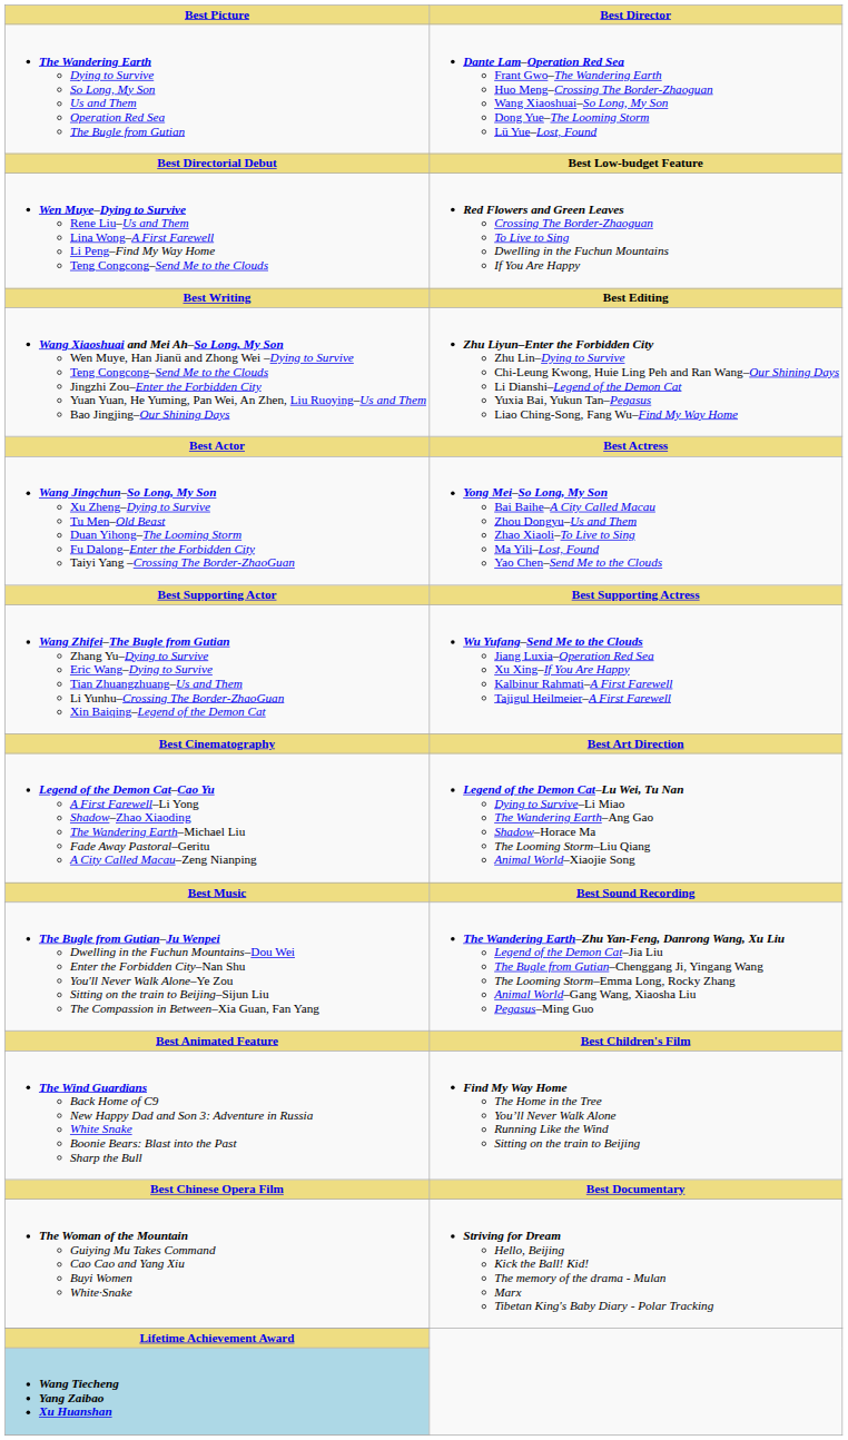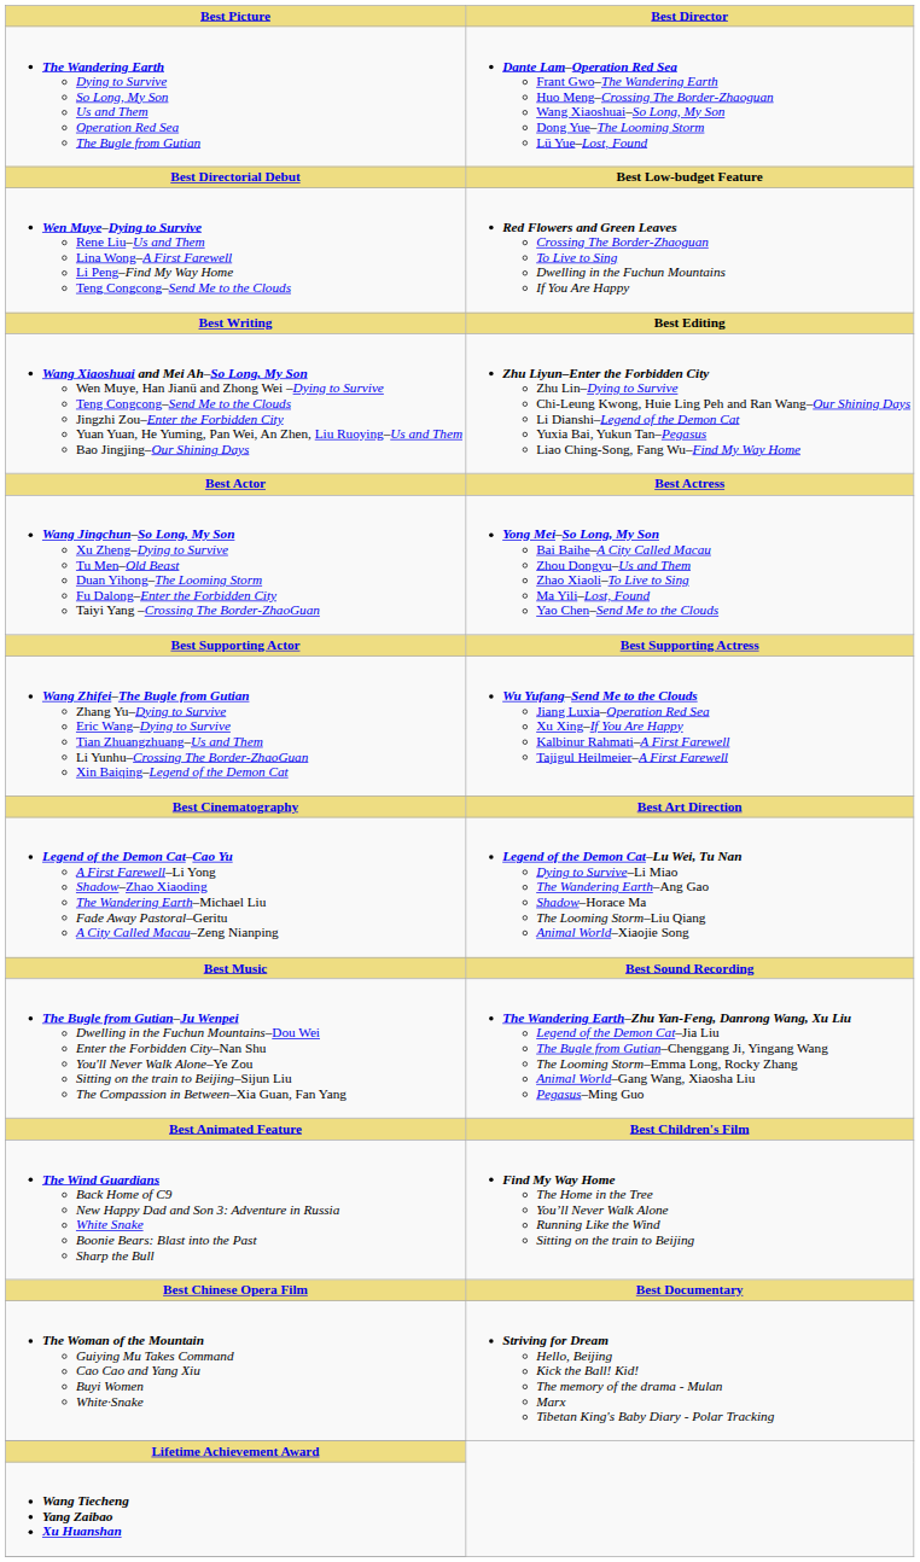 <table class="wikitable">
 <tr>
 <th style="background:#EEDD82; width=50%"><a href='#'>Best Picture</a></th>
 <th style="background:#EEDD82; width=50%"><a href='#'>Best Director</a></th>
 </tr>
 <tr>
 <td valign="top"><br><ul><li><strong><em><a href='#'>The Wandering Earth</a></em></strong><ul><li><em><a href='#'>Dying to Survive</a></em></li><li><em><a href='#'>So Long, My Son</a></em></li><li><em><a href='#'>Us and Them</a></em></li><li><em><a href='#'>Operation Red Sea</a></em></li><li><em><a href='#'>The Bugle from Gutian</a></em></li></ul></li></ul></td>
 <td valign="top"><br><ul><li><strong><em><a href='#'>Dante Lam</a></em></strong>–<strong><em><a href='#'>Operation Red Sea</a></em></strong><ul><li><a href='#'>Frant Gwo</a>–<em><a href='#'>The Wandering Earth</a></em></li><li><a href='#'>Huo Meng</a>–<em><a href='#'>Crossing The Border-Zhaoguan</a></em></li><li><a href='#'>Wang Xiaoshuai</a>–<em><a href='#'>So Long, My Son</a></em></li><li><a href='#'>Dong Yue</a>–<em><a href='#'>The Looming Storm</a></em></li><li><a href='#'>Lü Yue</a>–<em><a href='#'>Lost, Found</a></em></li></ul></li></ul></td>
 </tr>
 <tr>
 <th style="background:#EEDD82; width=50%"><a href='#'>Best Directorial Debut</a></th>
 <th style="background:#EEDD82; width=50%">Best Low-budget Feature</th>
 </tr>
 <tr>
 <td valign="top"><br><ul><li><strong><em><a href='#'>Wen Muye</a></em></strong>–<strong><em><a href='#'>Dying to Survive</a></em></strong><ul><li><a href='#'>Rene Liu</a>–<em><a href='#'>Us and Them</a></em></li><li><a href='#'>Lina Wong</a>–<em><a href='#'>A First Farewell</a></em></li><li><a href='#'>Li Peng</a>–<em>Find My Way Home</em></li><li><a href='#'>Teng Congcong</a>–<em><a href='#'>Send Me to the Clouds</a></em></li></ul></li></ul></td>
 <td valign="top"><br><ul><li><strong><em>Red Flowers and Green Leaves</em></strong><ul><li><em><a href='#'>Crossing The Border-Zhaoguan</a></em></li><li><em><a href='#'>To Live to Sing</a></em></li><li><em>Dwelling in the Fuchun Mountains</em></li><li><em> If You Are Happy </em></li></ul></li></ul></td>
 </tr>
 <tr>
 <th style="background:#EEDD82; width=50%"><a href='#'>Best Writing</a></th>
 <th style="background:#EEDD82; width=50%">Best Editing</th>
 </tr>
 <tr>
 <td valign="top"><br><ul><li><strong><em><a href='#'>Wang Xiaoshuai</a> and Mei Ah</em></strong>–<strong><em><a href='#'>So Long, My Son</a></em></strong><ul><li>Wen Muye, Han Jianü and Zhong Wei –<em><a href='#'>Dying to Survive</a></em></li><li><a href='#'>Teng Congcong</a>–<em><a href='#'>Send Me to the Clouds</a></em></li><li>Jingzhi Zou–<em><a href='#'>Enter the Forbidden City</a></em></li><li>Yuan Yuan, He Yuming, Pan Wei, An Zhen, <a href='#'>Liu Ruoying</a>–<em><a href='#'>Us and Them</a></em></li><li>Bao Jingjing–<em><a href='#'>Our Shining Days</a></em></li></ul></li></ul></td>
 <td valign="top"><br><ul><li><strong><em>Zhu Liyun–Enter the Forbidden City</em></strong><ul><li>Zhu Lin–<em><a href='#'>Dying to Survive</a></em></li><li>Chi-Leung Kwong, Huie Ling Peh and Ran Wang–<em><a href='#'>Our Shining Days</a></em></li><li>Li Dianshi–<em><a href='#'>Legend of the Demon Cat</a></em></li><li>Yuxia Bai, Yukun Tan–<em><a href='#'>Pegasus</a></em></li><li>Liao Ching-Song, Fang Wu–<em><a href='#'>Find My Way Home</a></em></li></ul></li></ul></td>
 </tr>
 <tr>
 <th style="background:#EEDD82; width=50%"><a href='#'>Best Actor</a></th>
 <th style="background:#EEDD82; width=50%"><a href='#'>Best Actress</a></th>
 </tr>
 <tr>
 <td valign="top"><br><ul><li><strong><em><a href='#'>Wang Jingchun</a></em></strong>–<strong><em><a href='#'>So Long, My Son</a></em></strong><ul><li><a href='#'>Xu Zheng</a>–<em><a href='#'>Dying to Survive</a></em></li><li><a href='#'>Tu Men</a>–<em><a href='#'>Old Beast</a></em></li><li><a href='#'>Duan Yihong</a>–<em><a href='#'>The Looming Storm</a></em></li><li><a href='#'>Fu Dalong</a>–<em><a href='#'>Enter the Forbidden City</a></em></li><li>Taiyi Yang –<em><a href='#'>Crossing The Border-ZhaoGuan</a></em></li></ul></li></ul></td>
 <td valign="top"><br><ul><li><strong><em><a href='#'>Yong Mei</a></em></strong>–<strong><em><a href='#'>So Long, My Son</a></em></strong><ul><li><a href='#'>Bai Baihe</a>–<em><a href='#'>A City Called Macau</a></em></li><li><a href='#'>Zhou Dongyu</a>–<em><a href='#'>Us and Them</a></em></li><li><a href='#'>Zhao Xiaoli</a>–<em><a href='#'>To Live to Sing</a></em></li><li><a href='#'>Ma Yili</a>–<em><a href='#'>Lost, Found</a></em></li><li><a href='#'>Yao Chen</a>–<em><a href='#'>Send Me to the Clouds</a></em></li></ul></li></ul></td>
 </tr>
 <tr>
 <th style="background:#EEDD82; width=50%"><a href='#'>Best Supporting Actor</a></th>
 <th style="background:#EEDD82; width=50%"><a href='#'>Best Supporting Actress</a></th>
 </tr>
 <tr>
 <td valign="top"><br><ul><li><strong><em><a href='#'>Wang Zhifei</a></em></strong>–<strong><em><a href='#'>The Bugle from Gutian</a></em></strong><ul><li>Zhang Yu–<em><a href='#'>Dying to Survive</a></em></li><li><a href='#'>Eric Wang</a>–<em><a href='#'>Dying to Survive</a></em></li><li><a href='#'>Tian Zhuangzhuang</a>–<em><a href='#'>Us and Them</a></em></li><li>Li Yunhu–<em><a href='#'>Crossing The Border-ZhaoGuan</a></em></li><li><a href='#'>Xin Baiqing</a>–<em><a href='#'>Legend of the Demon Cat</a></em></li></ul></li></ul></td>
 <td valign="top"><br><ul><li><strong><em><a href='#'>Wu Yufang</a></em></strong>–<strong><em><a href='#'>Send Me to the Clouds</a></em></strong><ul><li><a href='#'>Jiang Luxia</a>–<em><a href='#'>Operation Red Sea</a></em></li><li><a href='#'>Xu Xing</a>–<em><a href='#'>If You Are Happy</a></em></li><li><a href='#'>Kalbinur Rahmati</a>–<em><a href='#'>A First Farewell</a></em></li><li><a href='#'>Tajigul Heilmeier</a>–<em><a href='#'>A First Farewell</a></em></li></ul></li></ul></td>
 </tr>
 <tr>
 <th style="background:#EEDD82; width=50%"><a href='#'>Best Cinematography</a></th>
 <th style="background:#EEDD82; width=50%"><a href='#'>Best Art Direction</a></th>
 </tr>
 <tr>
 <td valign="top"><br><ul><li><strong><em><a href='#'>Legend of the Demon Cat</a></em></strong>–<strong><em><a href='#'>Cao Yu</a></em></strong><ul><li><em><a href='#'>A First Farewell</a></em>–Li Yong</li><li><em><a href='#'>Shadow</a></em>–<a href='#'>Zhao Xiaoding</a></li><li><em><a href='#'>The Wandering Earth</a></em>–Michael Liu</li><li><em>Fade Away Pastoral</em>–Geritu</li><li><em><a href='#'>A City Called Macau</a></em>–Zeng Nianping</li></ul></li></ul></td>
 <td valign="top"><br><ul><li><strong><em><a href='#'>Legend of the Demon Cat</a></em></strong>–<strong><em>Lu Wei, Tu Nan</em></strong><ul><li><em><a href='#'>Dying to Survive</a></em>–Li Miao</li><li><em><a href='#'>The Wandering Earth</a></em>–Ang Gao</li><li><em><a href='#'>Shadow</a></em>–Horace Ma</li><li><em>The Looming Storm</em>–Liu Qiang</li><li><em><a href='#'>Animal World</a></em>–Xiaojie Song</li></ul></li></ul></td>
 </tr>
 <tr>
 <th style="background:#EEDD82; width=50%"><a href='#'>Best Music</a></th>
 <th style="background:#EEDD82; width=50%"><a href='#'>Best Sound Recording</a></th>
 </tr>
 <tr>
 <td valign="top"><br><ul><li><strong><em><a href='#'>The Bugle from Gutian</a></em></strong>–<strong><em><a href='#'>Ju Wenpei</a></em></strong><ul><li><em>Dwelling in the Fuchun Mountains</em>–<a href='#'>Dou Wei</a></li><li><em>Enter the Forbidden City</em>–Nan Shu</li><li><em>You'll Never Walk Alone</em>–Ye Zou</li><li><em>Sitting on the train to Beijing</em>–Sijun Liu</li><li><em>The Compassion in Between</em>–Xia Guan, Fan Yang</li></ul></li></ul></td>
 <td valign="top"><br><ul><li><strong><em><a href='#'>The Wandering Earth</a></em></strong>–<strong><em>Zhu Yan-Feng, Danrong Wang, Xu Liu</em></strong><ul><li><em><a href='#'>Legend of the Demon Cat</a></em>–Jia Liu</li><li><em><a href='#'>The Bugle from Gutian</a></em>–Chenggang Ji, Yingang Wang</li><li><em>The Looming Storm</em>–Emma Long, Rocky Zhang</li><li><em><a href='#'>Animal World</a></em>–Gang Wang, Xiaosha Liu</li><li><em><a href='#'>Pegasus</a></em>–Ming Guo</li></ul></li></ul></td>
 </tr>
 <tr>
 <th style="background:#EEDD82; width=50%"><a href='#'>Best Animated Feature</a></th>
 <th style="background:#EEDD82; width=50%"><a href='#'>Best Children's Film</a></th>
 </tr>
 <tr>
 <td valign="top"><br><ul><li><strong><em><a href='#'>The Wind Guardians</a></em></strong><ul><li><em>Back Home of C9</em></li><li><em>New Happy Dad and Son 3: Adventure in Russia</em></li><li><em><a href='#'>White Snake</a></em></li><li><em>Boonie Bears: Blast into the Past</em></li><li><em>Sharp the Bull</em></li></ul></li></ul></td>
 <td valign="top"><br><ul><li><strong><em>Find My Way Home</em></strong><ul><li><em>The Home in the Tree</em></li><li><em>You’ll Never Walk Alone</em></li><li><em>Running Like the Wind</em></li><li><em> Sitting on the train to Beijing</em></li></ul></li></ul></td>
 </tr>
 <tr>
 <th style="background:#EEDD82; width=50%"><a href='#'>Best Chinese Opera Film</a></th>
 <th style="background:#EEDD82; width=50%"><a href='#'>Best Documentary</a></th>
 </tr>
 <tr>
 <td valign="top"><br><ul><li><strong><em>The Woman of the Mountain</em></strong><ul><li><em>Guiying Mu Takes Command</em></li><li><em>Cao Cao and Yang Xiu</em></li><li><em>Buyi Women</em></li><li><em>White·Snake</em></li></ul></li></ul></td>
 <td valign="top"><br><ul><li><strong><em>Striving for Dream</em></strong><ul><li><em>Hello, Beijing</em></li><li><em>Kick the Ball! Kid!</em></li><li><em>The memory of the drama - Mulan</em></li><li><em>Marx</em></li><li><em>Tibetan King's Baby Diary - Polar Tracking</em></li></ul></li></ul></td>
 </tr>
 <tr>
 </tr>
 <tr>
 <th style="background:#EEDD82; width=50%"><a href='#'>Lifetime Achievement Award</a></th>
 </tr>
 <tr>
-<td valign="top" style="background: lightblue;"><br><ul><li><strong><em>Wang Tiecheng</em></strong></li><li><strong><em>Yang Zaibao </em></strong></li><li><strong><em><a href='#'>Xu Huanshan</a></em></strong></li></ul></td>
+<td valign="top"><br><ul><li><strong><em>Wang Tiecheng</em></strong></li><li><strong><em>Yang Zaibao </em></strong></li><li><strong><em><a href='#'>Xu Huanshan</a></em></strong></li></ul></td>
 </tr>
 <tr>
 </tr>
 </table>
